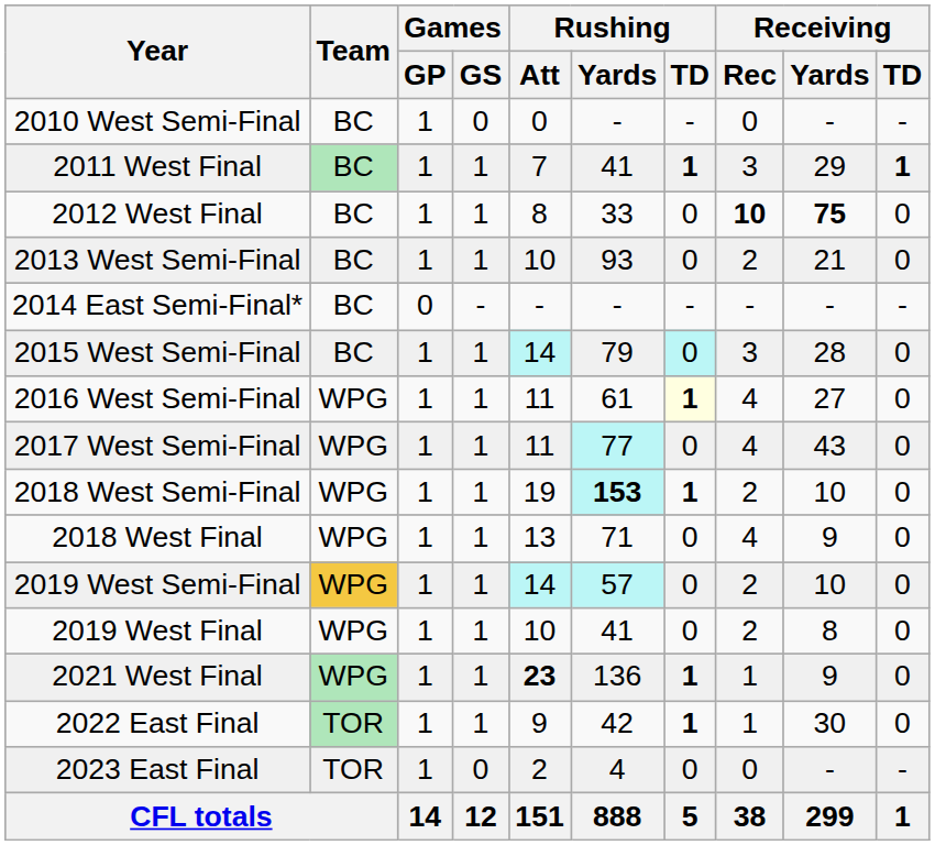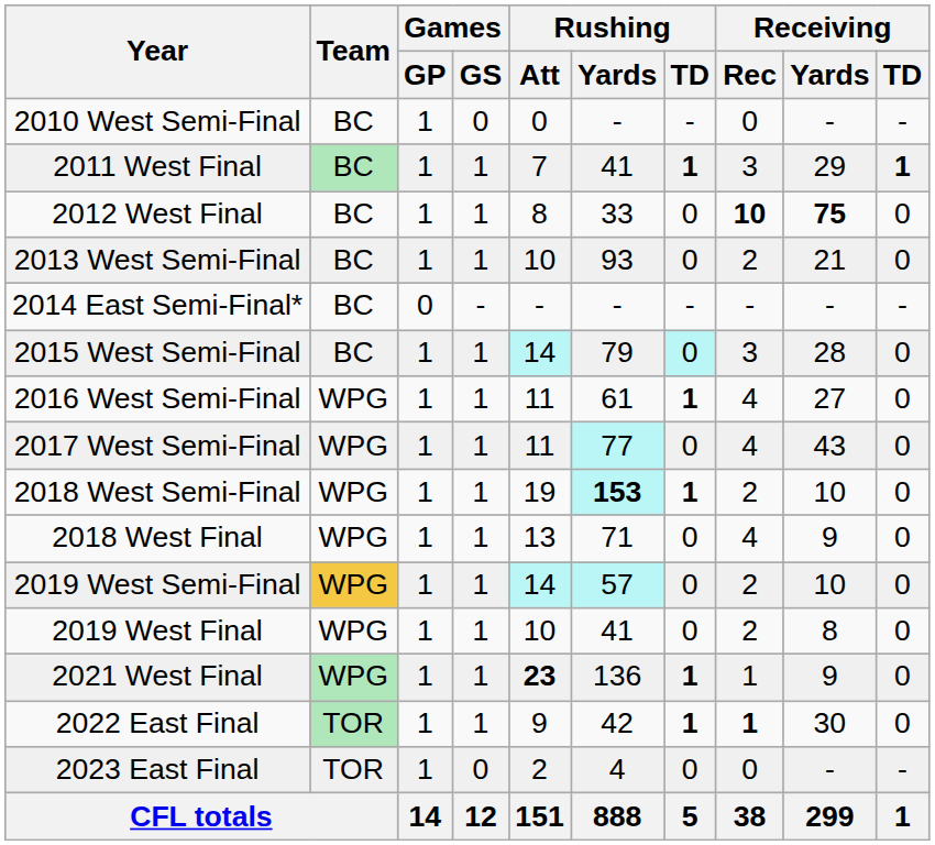 <table class="wikitable" style="text-align:center">
 <tr>
 <th rowspan="2">Year</th>
 <th rowspan="2">Team</th>
 <th colspan="2">Games</th>
 <th colspan="3">Rushing</th>
 <th colspan="3">Receiving</th>
 </tr>
 <tr>
 <th>GP</th>
 <th>GS</th>
 <th>Att</th>
 <th>Yards</th>
 <th>TD</th>
 <th>Rec</th>
 <th>Yards</th>
 <th>TD</th>
 </tr>
 <tr>
 <td>2010 West Semi-Final</td>
 <td>BC</td>
 <td>1</td>
 <td>0</td>
 <td>0</td>
 <td>-</td>
 <td>-</td>
 <td>0</td>
 <td>-</td>
 <td>-</td>
 </tr>
 <tr bgcolor="#f0f0f0">
 <td>2011 West Final</td>
 <td style="background:#afe6ba">BC</td>
 <td>1</td>
 <td>1</td>
 <td>7</td>
 <td>41</td>
 <td><strong>1</strong></td>
 <td>3</td>
 <td>29</td>
 <td><strong>1</strong></td>
 </tr>
 <tr>
 <td>2012 West Final</td>
 <td>BC</td>
 <td>1</td>
 <td>1</td>
 <td>8</td>
 <td>33</td>
 <td>0</td>
 <td><strong>10</strong></td>
 <td><strong>75</strong></td>
 <td>0</td>
 </tr>
 <tr bgcolor="#f0f0f0">
 <td>2013 West Semi-Final</td>
 <td>BC</td>
 <td>1</td>
 <td>1</td>
 <td>10</td>
 <td>93</td>
 <td>0</td>
 <td>2</td>
 <td>21</td>
 <td>0</td>
 </tr>
 <tr>
 <td>2014 East Semi-Final*</td>
 <td>BC</td>
 <td>0</td>
 <td>-</td>
 <td>-</td>
 <td>-</td>
 <td>-</td>
 <td>-</td>
 <td>-</td>
 <td>-</td>
 </tr>
 <tr bgcolor="#f0f0f0">
 <td>2015 West Semi-Final</td>
 <td>BC</td>
 <td>1</td>
 <td>1</td>
 <td style="background:#bbf6f6">14</td>
 <td>79</td>
 <td style="background:#bbf6f6">0</td>
 <td>3</td>
 <td>28</td>
 <td>0</td>
 </tr>
 <tr>
 <td>2016 West Semi-Final</td>
 <td>WPG</td>
 <td>1</td>
 <td>1</td>
 <td>11</td>
 <td>61</td>
-<td style="background: lightyellow;"><strong>1</strong></td>
+<td><strong>1</strong></td>
 <td>4</td>
 <td>27</td>
 <td>0</td>
 </tr>
 <tr bgcolor="#f0f0f0">
 <td>2017 West Semi-Final</td>
 <td>WPG</td>
 <td>1</td>
 <td>1</td>
 <td>11</td>
 <td style="background:#bbf6f6">77</td>
 <td>0</td>
 <td>4</td>
 <td>43</td>
 <td>0</td>
 </tr>
 <tr>
 <td>2018 West Semi-Final</td>
 <td>WPG</td>
 <td>1</td>
 <td>1</td>
 <td>19</td>
 <td style="background:#bbf6f6"><strong>153</strong></td>
 <td><strong>1</strong></td>
 <td>2</td>
 <td>10</td>
 <td>0</td>
 </tr>
 <tr>
 <td>2018 West Final</td>
 <td>WPG</td>
 <td>1</td>
 <td>1</td>
 <td>13</td>
 <td>71</td>
 <td>0</td>
 <td>4</td>
 <td>9</td>
 <td>0</td>
 </tr>
 <tr bgcolor="#f0f0f0">
 <td>2019 West Semi-Final</td>
 <td style="background:#f4c842">WPG</td>
 <td>1</td>
 <td>1</td>
 <td style="background:#bbf6f6">14</td>
 <td style="background:#bbf6f6">57</td>
 <td>0</td>
 <td>2</td>
 <td>10</td>
 <td>0</td>
 </tr>
 <tr align="center">
 <td>2019 West Final</td>
 <td>WPG</td>
 <td>1</td>
 <td>1</td>
 <td>10</td>
 <td>41</td>
 <td>0</td>
 <td>2</td>
 <td>8</td>
 <td>0</td>
 </tr>
 <tr bgcolor="#f0f0f0">
 <td>2021 West Final</td>
 <td style="background:#afe6ba">WPG</td>
 <td>1</td>
 <td>1</td>
 <td><strong>23</strong></td>
 <td>136</td>
 <td><strong>1</strong></td>
 <td>1</td>
 <td>9</td>
 <td>0</td>
 </tr>
 <tr>
 <td>2022 East Final</td>
 <td style="background:#afe6ba">TOR</td>
 <td>1</td>
 <td>1</td>
 <td>9</td>
 <td>42</td>
 <td><strong>1</strong></td>
-<td>1</td>
+<td><strong>1</strong></td>
 <td>30</td>
 <td>0</td>
 </tr>
 <tr bgcolor="#f0f0f0">
 <td>2023 East Final</td>
 <td>TOR</td>
 <td>1</td>
 <td>0</td>
 <td>2</td>
 <td>4</td>
 <td>0</td>
 <td>0</td>
 <td>-</td>
 <td>-</td>
 </tr>
 <tr bgcolor="#e0e0e0">
 <th colspan="2"><a href='#'>CFL totals</a></th>
 <th>14</th>
 <th>12</th>
 <th>151</th>
 <th>888</th>
 <th>5</th>
 <th>38</th>
 <th>299</th>
 <th>1</th>
 </tr>
 </table>
